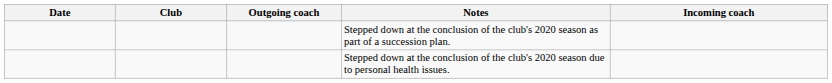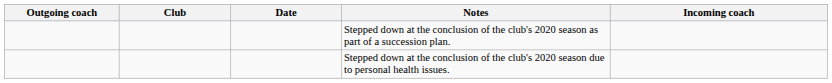 <table class="wikitable plainrowheaders sortable" style="text-align:left;">
 <tr style="background:#C1D8FF;">
+<th scope="col" style="width:12em">Outgoing coach</th>
+<th scope="col" style="width:12em">Club</th>
 <th scope="col" style="width:12em">Date</th>
-<th scope="col" style="width:12em">Club</th>
-<th scope="col" style="width:12em">Outgoing coach</th>
 <th scope="col" style="width:30em">Notes</th>
 <th scope="col" style="width:24em">Incoming coach</th>
 </tr>
 <tr>
 <td></td>
 <td></td>
 <td></td>
 <td>Stepped down at the conclusion of the club's 2020 season as part of a succession plan.</td>
 <td></td>
 </tr>
 <tr>
 <td></td>
 <td></td>
 <td></td>
 <td>Stepped down at the conclusion of the club's 2020 season due to personal health issues.</td>
 <td></td>
 </tr>
 </table>
